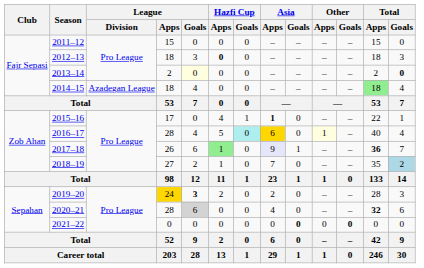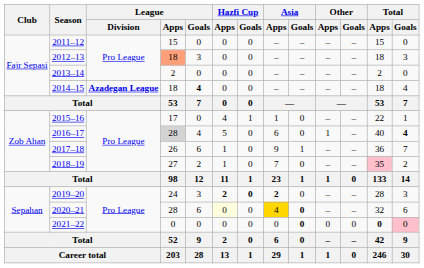 <table class="wikitable" style="font-size:90%; text-align:center;">
 <tr>
 <th rowspan="2">Club</th>
 <th rowspan="2">Season</th>
 <th colspan="3">League</th>
 <th colspan="2"><a href='#'>Hazfi Cup</a></th>
 <th colspan="2"><a href='#'>Asia</a></th>
 <th colspan="2">Other</th>
 <th colspan="2">Total</th>
 </tr>
 <tr>
 <th>Division</th>
 <th>Apps</th>
 <th>Goals</th>
 <th>Apps</th>
 <th>Goals</th>
 <th>Apps</th>
 <th>Goals</th>
 <th>Apps</th>
 <th>Goals</th>
 <th>Apps</th>
 <th>Goals</th>
 </tr>
 <tr>
 <td rowspan="4"><a href='#'>Fajr Sepasi</a></td>
 <td><a href='#'>2011–12</a></td>
 <td rowspan="3"><a href='#'>Pro League</a></td>
 <td>15</td>
 <td>0</td>
 <td>0</td>
 <td>0</td>
 <td>–</td>
 <td>–</td>
 <td>–</td>
 <td>–</td>
 <td>15</td>
 <td>0</td>
 </tr>
 <tr>
 <td><a href='#'>2012–13</a></td>
-<td>18</td>
+<td style="background: lightsalmon;">18</td>
 <td>3</td>
-<td><strong>0</strong></td>
+<td>0</td>
 <td>0</td>
 <td>–</td>
 <td>–</td>
 <td>–</td>
 <td>–</td>
 <td>18</td>
 <td>3</td>
 </tr>
 <tr>
 <td><a href='#'>2013–14</a></td>
 <td>2</td>
-<td style="background: lightyellow;">0</td>
+<td>0</td>
 <td>0</td>
 <td>0</td>
 <td>–</td>
 <td>–</td>
 <td>–</td>
 <td>–</td>
 <td>2</td>
-<td><strong>0</strong></td>
+<td>0</td>
 </tr>
 <tr>
 <td><a href='#'>2014–15</a></td>
-<td><a href='#'>Azadegan League</a></td>
+<td><strong><a href='#'>Azadegan League</a></strong></td>
 <td>18</td>
-<td>4</td>
+<td><strong>4</strong></td>
 <td>0</td>
 <td>0</td>
 <td>–</td>
 <td>–</td>
 <td>–</td>
 <td>–</td>
-<td style="background: lightgreen;">18</td>
+<td>18</td>
 <td>4</td>
 </tr>
 <tr>
 <th colspan="3">Total</th>
 <th>53</th>
 <th>7</th>
 <th>0</th>
 <th>0</th>
 <th colspan="2">—</th>
 <th colspan="2">—</th>
 <th>53</th>
 <th>7</th>
 </tr>
 <tr>
 <td rowspan="4"><a href='#'>Zob Ahan</a></td>
 <td><a href='#'>2015–16</a></td>
 <td rowspan="4"><a href='#'>Pro League</a></td>
 <td>17</td>
 <td>0</td>
 <td>4</td>
 <td>1</td>
-<td><strong>1</strong></td>
+<td>1</td>
 <td>0</td>
 <td>–</td>
 <td>–</td>
 <td>22</td>
 <td>1</td>
 </tr>
 <tr>
 <td><a href='#'>2016–17</a></td>
-<td>28</td>
+<td style="background: lightgrey;">28</td>
 <td>4</td>
 <td>5</td>
-<td style="background: paleturquoise;">0</td>
-<td style="background: gold;">6</td>
 <td>0</td>
-<td style="background: lightyellow;">1</td>
+<td>6</td>
+<td>0</td>
+<td>1</td>
 <td>–</td>
 <td>40</td>
-<td>4</td>
+<td><strong>4</strong></td>
 </tr>
 <tr>
 <td><a href='#'>2017–18</a></td>
 <td>26</td>
 <td>6</td>
-<td style="background: lightgreen;">1</td>
+<td>1</td>
 <td>0</td>
-<td style="background: lavender;">9</td>
+<td>9</td>
 <td>1</td>
 <td>–</td>
 <td>–</td>
-<td><strong>36</strong></td>
+<td>36</td>
 <td>7</td>
 </tr>
 <tr>
 <td><a href='#'>2018–19</a></td>
 <td>27</td>
 <td>2</td>
 <td>1</td>
 <td>0</td>
 <td>7</td>
 <td>0</td>
 <td>–</td>
 <td>–</td>
-<td>35</td>
-<td style="background: lightblue;">2</td>
+<td style="background: pink;">35</td>
+<td>2</td>
 </tr>
 <tr>
 <th colspan="3">Total</th>
 <th>98</th>
 <th>12</th>
 <th>11</th>
 <th>1</th>
 <th>23</th>
 <th>1</th>
 <th>1</th>
 <th>0</th>
 <th>133</th>
 <th>14</th>
 </tr>
 <tr>
 <td rowspan="3"><a href='#'>Sepahan</a></td>
 <td><a href='#'>2019–20</a></td>
 <td rowspan="3"><a href='#'>Pro League</a></td>
-<td style="background: gold;">24</td>
-<td><strong>3</strong></td>
-<td>2</td>
-<td>0</td>
-<td>2</td>
+<td>24</td>
+<td>3</td>
+<td><strong>2</strong></td>
+<td><strong>0</strong></td>
+<td><strong>2</strong></td>
 <td>0</td>
 <td>–</td>
 <td>–</td>
 <td>28</td>
 <td>3</td>
 </tr>
 <tr>
 <td><a href='#'>2020–21</a></td>
 <td>28</td>
-<td style="background: lightgrey;">6</td>
+<td>6</td>
+<td style="background: lightyellow;">0</td>
 <td>0</td>
-<td>0</td>
-<td>4</td>
-<td>0</td>
+<td style="background: gold;">4</td>
+<td><strong>0</strong></td>
 <td>–</td>
 <td>–</td>
-<td><strong>32</strong></td>
+<td>32</td>
 <td>6</td>
 </tr>
 <tr>
 <td><a href='#'>2021–22</a></td>
 <td>0</td>
 <td>0</td>
 <td>0</td>
 <td>0</td>
 <td>0</td>
 <td><strong>0</strong></td>
 <td>0</td>
+<td>0</td>
 <td><strong>0</strong></td>
-<td>0</td>
-<td>0</td>
+<td style="background: pink;">0</td>
 </tr>
 <tr>
 <th colspan="3">Total</th>
 <th>52</th>
 <th>9</th>
 <th>2</th>
 <th>0</th>
 <th>6</th>
 <th>0</th>
 <th>–</th>
 <th>–</th>
 <th>42</th>
 <th>9</th>
 </tr>
 <tr>
 <th colspan="3">Career total</th>
 <th>203</th>
 <th>28</th>
 <th>13</th>
 <th>1</th>
 <th>29</th>
 <th>1</th>
 <th>1</th>
 <th>0</th>
 <th>246</th>
 <th>30</th>
 </tr>
 </table>
